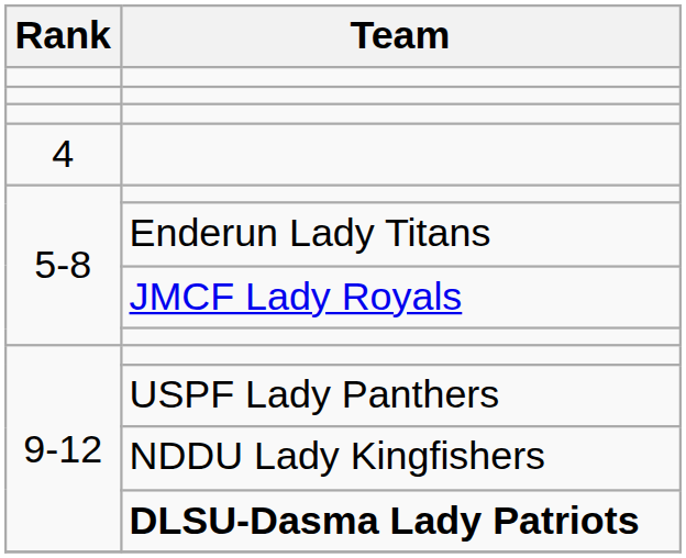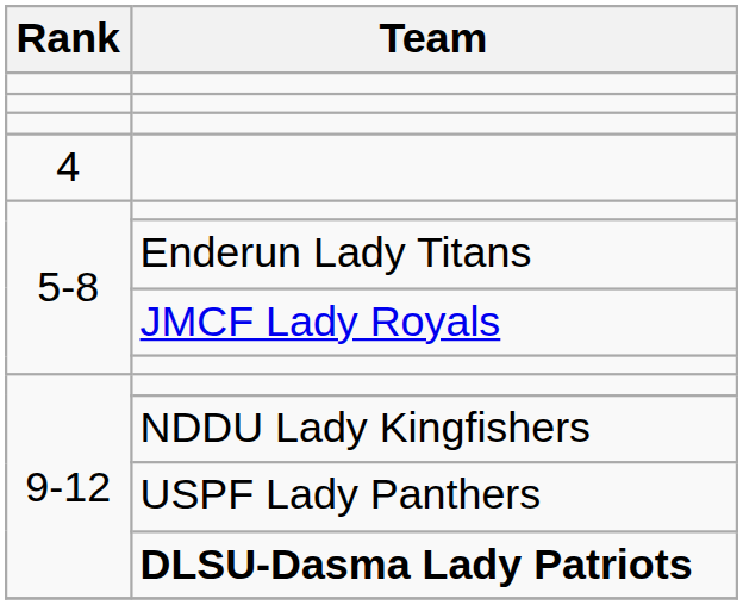 <table class="wikitable" style="text-align: center;">
 <tr>
 <th width=>Rank</th>
 <th width=220>Team</th>
 </tr>
 <tr>
 <td></td>
 <td align="left"></td>
 </tr>
 <tr>
 <td></td>
 <td align="left"></td>
 </tr>
 <tr>
 <td></td>
 <td align="left"></td>
 </tr>
 <tr>
 <td>4</td>
 <td align="left"></td>
 </tr>
 <tr>
 <td rowspan=4>5-8</td>
 <td align="left"></td>
 </tr>
 <tr>
 <td align="left"> Enderun Lady Titans</td>
 </tr>
 <tr>
 <td align="left"> <a href='#'>JMCF Lady Royals</a></td>
 </tr>
 <tr>
 <td align="left"></td>
 </tr>
 <tr>
 <td rowspan=4>9-12</td>
 <td align="left"></td>
 </tr>
 <tr>
-<td align="left"> USPF Lady Panthers</td>
+<td align="left"> NDDU Lady Kingfishers</td>
 </tr>
 <tr>
-<td align="left"> NDDU Lady Kingfishers</td>
+<td align="left"> USPF Lady Panthers</td>
 </tr>
 <tr>
 <td align="left"><strong> DLSU-Dasma Lady Patriots</strong></td>
 </tr>
 <tr>
 </tr>
 </table>
